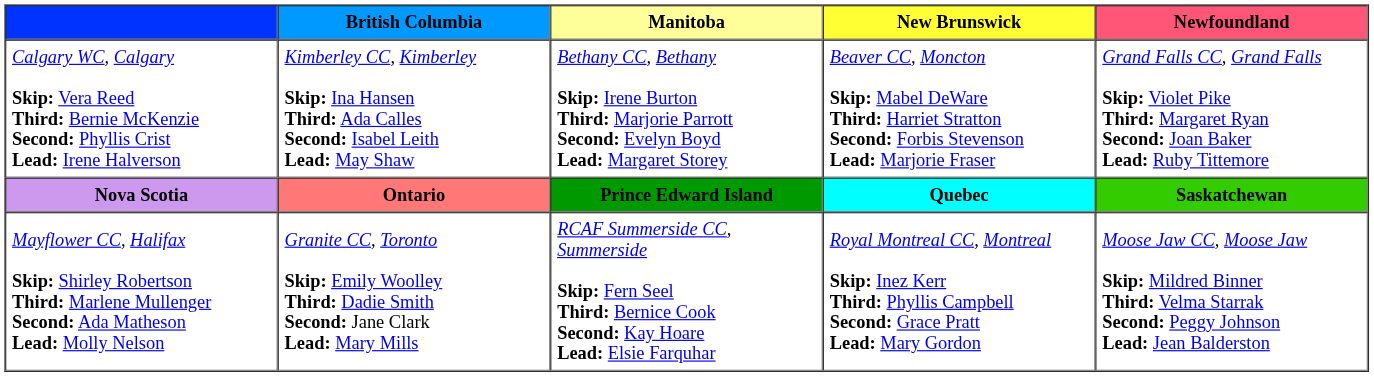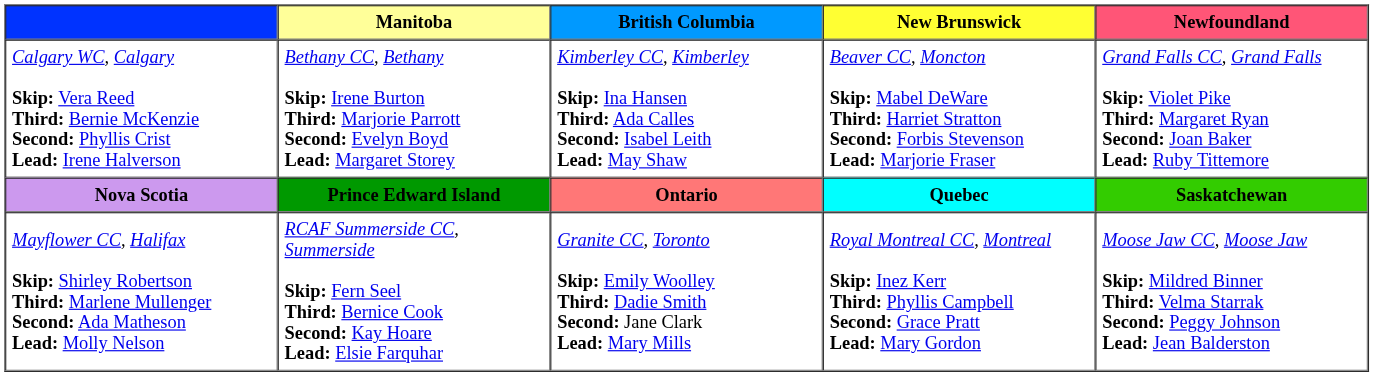 <table border=1 cellpadding=5 cellspacing=0>
 <tr>
 <th bgcolor="#0033ff" width="225"></th>
+<th bgcolor="#ffff99" width="225">Manitoba</th>
 <th bgcolor="#0099ff" width="225">British Columbia</th>
-<th bgcolor="#ffff99" width="225">Manitoba</th>
 <th bgcolor="#ffff33" width="225">New Brunswick</th>
 <th bgcolor="#ff5577" width="225">Newfoundland</th>
 </tr>
 <tr>
 <td><em><a href='#'>Calgary WC</a>, <a href='#'>Calgary</a></em> <br><br><strong>Skip:</strong>  <a href='#'>Vera Reed</a> <br> <strong>Third:</strong>  <a href='#'>Bernie McKenzie</a> <br> <strong>Second:</strong>  <a href='#'>Phyllis Crist</a> <br> <strong>Lead:</strong> <a href='#'>Irene Halverson</a></td>
+<td><em><a href='#'>Bethany CC</a>, <a href='#'>Bethany</a></em> <br><br><strong>Skip:</strong> <a href='#'>Irene Burton</a> <br> <strong>Third:</strong> <a href='#'>Marjorie Parrott</a> <br> <strong>Second:</strong> <a href='#'>Evelyn Boyd</a> <br> <strong>Lead:</strong> <a href='#'>Margaret Storey</a></td>
 <td><em><a href='#'>Kimberley CC</a>, <a href='#'>Kimberley</a></em> <br><br><strong>Skip:</strong>  <a href='#'>Ina Hansen</a> <br> <strong>Third:</strong>  <a href='#'>Ada Calles</a> <br> <strong>Second:</strong>  <a href='#'>Isabel Leith</a> <br> <strong>Lead:</strong> <a href='#'>May Shaw</a></td>
-<td><em><a href='#'>Bethany CC</a>, <a href='#'>Bethany</a></em> <br><br><strong>Skip:</strong> <a href='#'>Irene Burton</a> <br> <strong>Third:</strong> <a href='#'>Marjorie Parrott</a> <br> <strong>Second:</strong> <a href='#'>Evelyn Boyd</a> <br> <strong>Lead:</strong> <a href='#'>Margaret Storey</a></td>
 <td><em><a href='#'>Beaver CC</a>, <a href='#'>Moncton</a></em> <br><br><strong>Skip:</strong> <a href='#'>Mabel DeWare</a> <br> <strong>Third:</strong> <a href='#'>Harriet Stratton</a> <br> <strong>Second:</strong> <a href='#'>Forbis Stevenson</a> <br> <strong>Lead:</strong> <a href='#'>Marjorie Fraser</a></td>
 <td><em><a href='#'>Grand Falls CC</a>, <a href='#'>Grand Falls</a></em> <br><br><strong>Skip:</strong> <a href='#'>Violet Pike</a> <br> <strong>Third:</strong> <a href='#'>Margaret Ryan</a> <br> <strong>Second:</strong> <a href='#'>Joan Baker</a> <br> <strong>Lead:</strong> <a href='#'>Ruby Tittemore</a></td>
 </tr>
 <tr border=1 cellpadding=5 cellspacing=0>
 <th bgcolor="#cc99ee" width="200">Nova Scotia</th>
+<th bgcolor="#009900" width="200">Prince Edward Island</th>
 <th bgcolor="#ff7777" width="200">Ontario</th>
-<th bgcolor="#009900" width="200">Prince Edward Island</th>
 <th bgcolor="#00ffff" width="200">Quebec</th>
 <th bgcolor="#33cc00" width="200">Saskatchewan</th>
 </tr>
 <tr>
 <td><em><a href='#'>Mayflower CC</a>, <a href='#'>Halifax</a></em> <br><br><strong>Skip:</strong> <a href='#'>Shirley Robertson</a> <br> <strong>Third:</strong> <a href='#'>Marlene Mullenger</a> <br> <strong>Second:</strong> <a href='#'>Ada Matheson</a> <br> <strong>Lead:</strong> <a href='#'>Molly Nelson</a></td>
+<td><em><a href='#'>RCAF Summerside CC</a>, <a href='#'>Summerside</a></em> <br><br><strong>Skip:</strong> <a href='#'>Fern Seel</a><br> <strong>Third:</strong> <a href='#'>Bernice Cook</a><br> <strong>Second:</strong> <a href='#'>Kay Hoare</a><br> <strong>Lead:</strong> <a href='#'>Elsie Farquhar</a></td>
 <td><em><a href='#'>Granite CC</a>, <a href='#'>Toronto</a></em> <br><br><strong>Skip:</strong> <a href='#'>Emily Woolley</a> <br> <strong>Third:</strong> <a href='#'>Dadie Smith</a> <br> <strong>Second:</strong> Jane Clark <br> <strong>Lead:</strong> <a href='#'>Mary Mills</a></td>
-<td><em><a href='#'>RCAF Summerside CC</a>, <a href='#'>Summerside</a></em> <br><br><strong>Skip:</strong> <a href='#'>Fern Seel</a><br> <strong>Third:</strong> <a href='#'>Bernice Cook</a><br> <strong>Second:</strong> <a href='#'>Kay Hoare</a><br> <strong>Lead:</strong> <a href='#'>Elsie Farquhar</a></td>
 <td><em><a href='#'>Royal Montreal CC</a>, <a href='#'>Montreal</a></em> <br><br><strong>Skip:</strong> <a href='#'>Inez Kerr</a> <br> <strong>Third:</strong> <a href='#'>Phyllis Campbell</a> <br> <strong>Second:</strong> <a href='#'>Grace Pratt</a> <br> <strong>Lead:</strong> <a href='#'>Mary Gordon</a></td>
 <td><em><a href='#'>Moose Jaw CC</a>, <a href='#'>Moose Jaw</a></em> <br><br><strong>Skip:</strong> <a href='#'>Mildred Binner</a> <br> <strong>Third:</strong> <a href='#'>Velma Starrak</a><br> <strong>Second:</strong> <a href='#'>Peggy Johnson</a><br> <strong>Lead:</strong> <a href='#'>Jean Balderston</a></td>
 </tr>
 </table>
